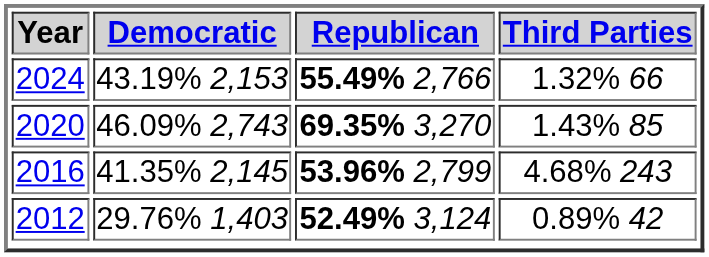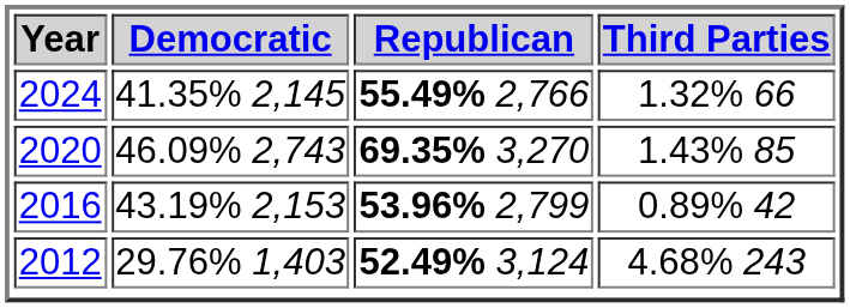 <table border = "2">
 <tr style="background:lightgrey;">
 <th>Year</th>
 <th><a href='#'>Democratic</a></th>
 <th><a href='#'>Republican</a></th>
 <th><a href='#'>Third Parties</a></th>
 </tr>
 <tr>
 <td align="center" ><a href='#'>2024</a></td>
-<td align="center" >43.19% <em>2,153</em></td>
+<td align="center" >41.35% <em>2,145</em></td>
 <td align="center" ><strong>55.49%</strong> <em>2,766</em></td>
 <td align="center" >1.32% <em>66</em></td>
 </tr>
 <tr>
 <td align="center" ><a href='#'>2020</a></td>
 <td align="center" >46.09% <em>2,743</em></td>
 <td align="center" ><strong>69.35%</strong> <em>3,270</em></td>
 <td align="center" >1.43% <em>85</em></td>
 </tr>
 <tr>
 <td align="center" ><a href='#'>2016</a></td>
-<td align="center" >41.35% <em>2,145</em></td>
+<td align="center" >43.19% <em>2,153</em></td>
 <td align="center" ><strong>53.96%</strong> <em>2,799</em></td>
-<td align="center" >4.68% <em>243</em></td>
+<td align="center" >0.89% <em>42</em></td>
 </tr>
 <tr>
 <td align="center" ><a href='#'>2012</a></td>
 <td align="center" >29.76% <em>1,403</em></td>
 <td align="center" ><strong>52.49%</strong> <em>3,124</em></td>
-<td align="center" >0.89% <em>42</em></td>
+<td align="center" >4.68% <em>243</em></td>
 </tr>
 <tr>
 </tr>
 </table>
